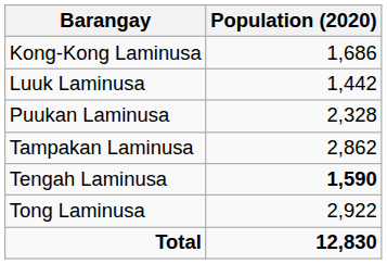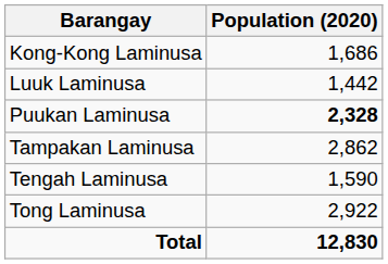 <table class="wikitable">
 <tr>
 <th>Barangay</th>
 <th>Population (2020)</th>
 </tr>
 <tr>
 <td>Kong-Kong Laminusa</td>
 <td align="right">1,686</td>
 </tr>
 <tr>
 <td>Luuk Laminusa</td>
 <td align="right">1,442</td>
 </tr>
 <tr>
 <td>Puukan Laminusa</td>
-<td align="right">2,328</td>
+<td align="right"><strong>2,328</strong></td>
 </tr>
 <tr>
 <td>Tampakan Laminusa</td>
 <td align="right">2,862</td>
 </tr>
 <tr>
 <td>Tengah Laminusa</td>
-<td align="right"><strong>1,590</strong></td>
+<td align="right">1,590</td>
 </tr>
 <tr>
 <td>Tong Laminusa</td>
 <td align="right">2,922</td>
 </tr>
 <tr>
 <td align="right"><strong>Total</strong></td>
 <td align="right"><strong>12,830</strong></td>
 </tr>
 </table>
